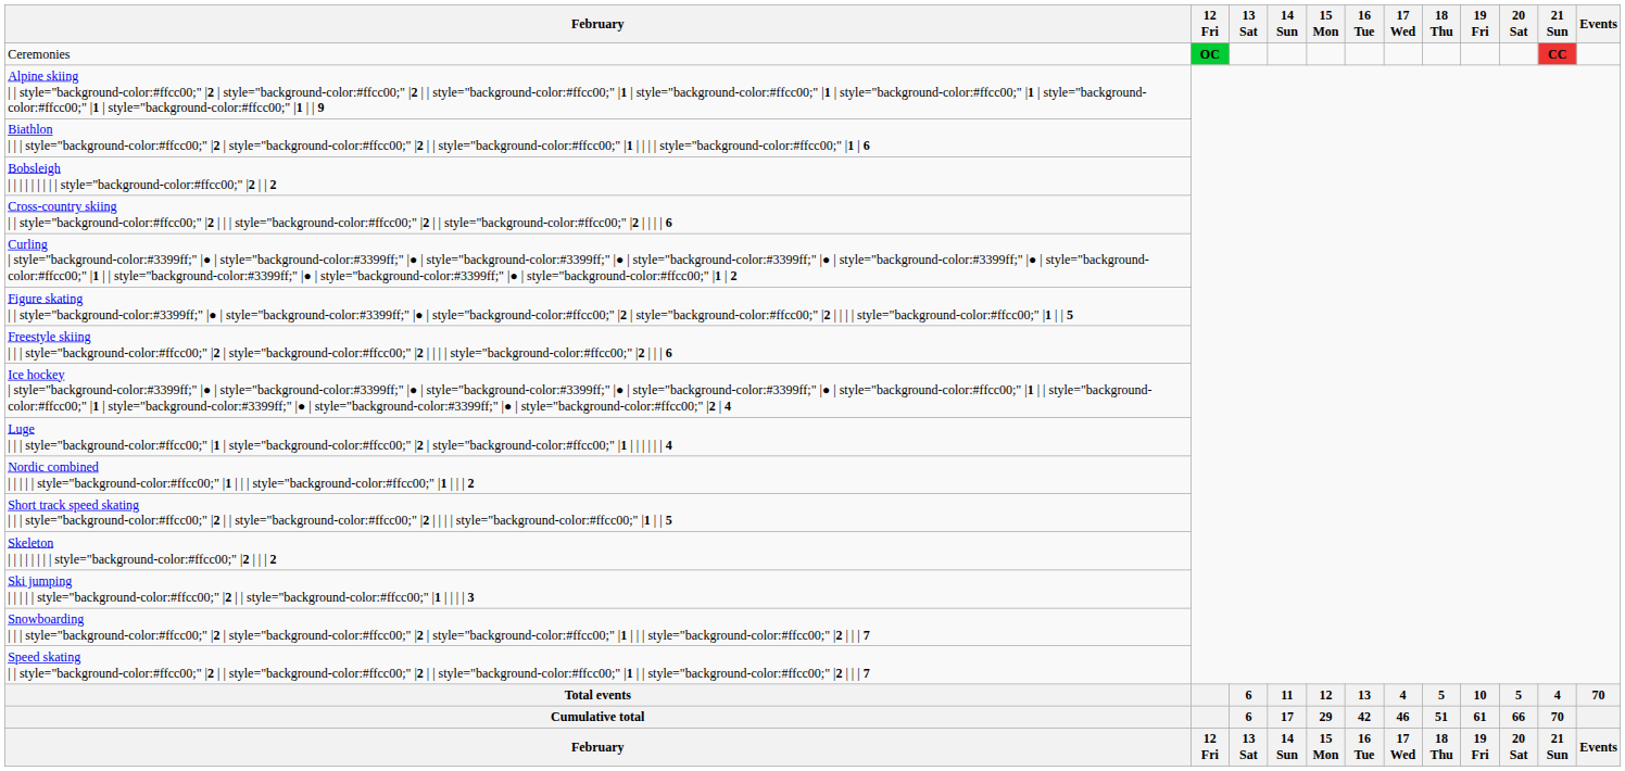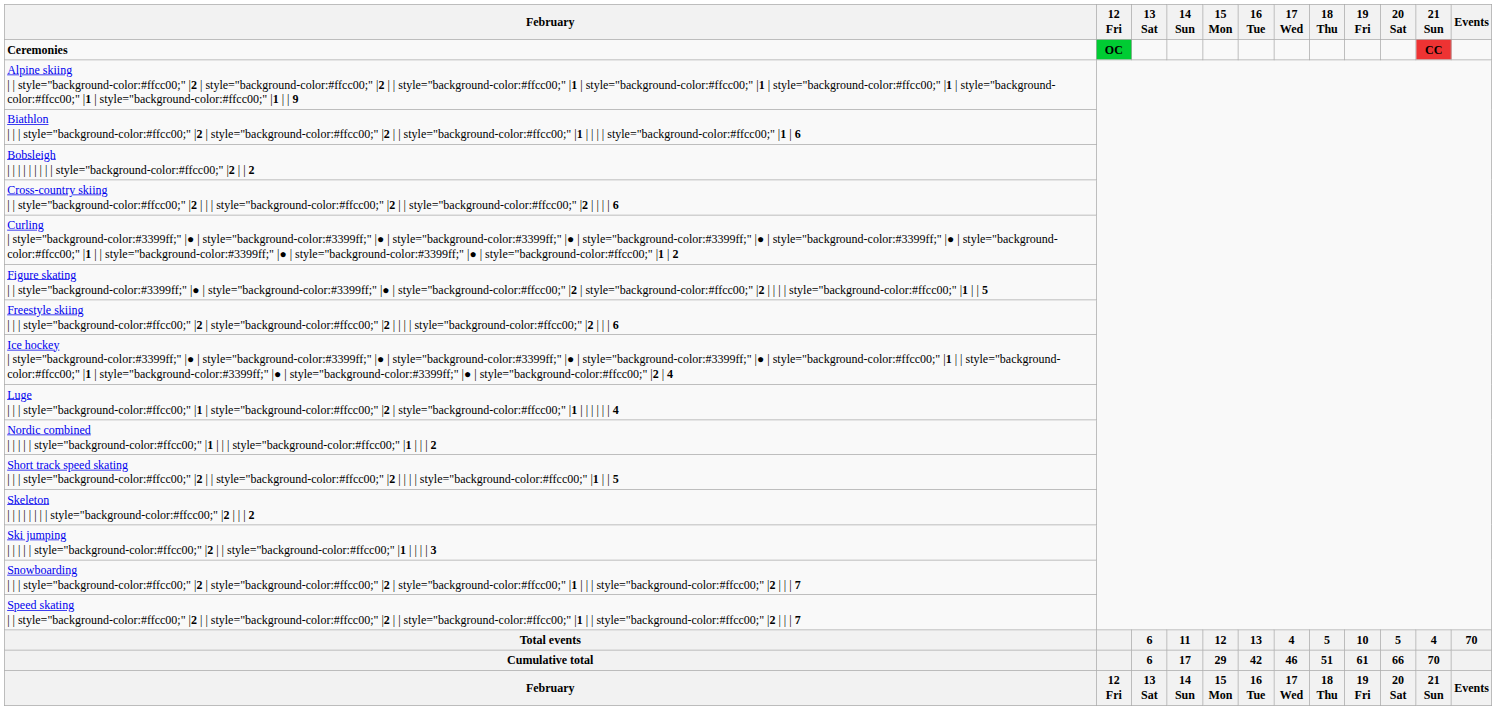 <table class="wikitable" style="margin:0.5em auto; line-height:1.23em;">
 <tr>
 <th>February</th>
 <th style="width:2.5em">12<br>Fri</th>
 <th style="width:2.5em">13<br>Sat</th>
 <th style="width:2.5em">14<br>Sun</th>
 <th style="width:2.5em">15<br>Mon</th>
 <th style="width:2.5em">16<br>Tue</th>
 <th style="width:2.5em">17<br>Wed</th>
 <th style="width:2.5em">18<br>Thu</th>
 <th style="width:2.5em">19<br>Fri</th>
 <th style="width:2.5em">20<br>Sat</th>
 <th style="width:2.5em">21<br>Sun</th>
 <th>Events</th>
 </tr>
 <tr>
-<td> Ceremonies</td>
+<td><strong> Ceremonies</strong></td>
 <td style="background:#0c3; text-align:center;"><strong>OC</strong></td>
 <td></td>
 <td></td>
 <td></td>
 <td></td>
 <td></td>
 <td></td>
 <td></td>
 <td></td>
 <td style="background:#e33; text-align:center;"><strong>CC</strong></td>
 <td></td>
 </tr>
 <tr style="text-align:center;">
 <td style="text-align:left;"> <a href='#'>Alpine skiing</a><br>|  | style="background-color:#ffcc00;" |<strong>2</strong> | style="background-color:#ffcc00;" |<strong>2</strong> |  | style="background-color:#ffcc00;" |<strong>1</strong> | style="background-color:#ffcc00;" |<strong>1</strong> | style="background-color:#ffcc00;" |<strong>1</strong> | style="background-color:#ffcc00;" |<strong>1</strong> | style="background-color:#ffcc00;" |<strong>1</strong> |  | <strong>9</strong></td>
 </tr>
 <tr style="text-align:center;">
 <td style="text-align:left;"> <a href='#'>Biathlon</a><br>|  |  | style="background-color:#ffcc00;" |<strong>2</strong> | style="background-color:#ffcc00;" |<strong>2</strong> |  | style="background-color:#ffcc00;" |<strong>1</strong> |  |  |  | style="background-color:#ffcc00;" |<strong>1</strong> | <strong>6</strong></td>
 </tr>
 <tr style="text-align:center;">
 <td style="text-align:left;"> <a href='#'>Bobsleigh</a><br>|  |  |  |  |  |  |  |  | style="background-color:#ffcc00;" |<strong>2</strong> |  | <strong>2</strong></td>
 </tr>
 <tr style="text-align:center;">
 <td style="text-align:left;"> <a href='#'>Cross-country skiing</a><br>|  | style="background-color:#ffcc00;" |<strong>2</strong> |  |  | style="background-color:#ffcc00;" |<strong>2</strong> |  | style="background-color:#ffcc00;" |<strong>2</strong> |  |  |  | <strong>6</strong></td>
 </tr>
 <tr style="text-align:center;">
 <td style="text-align:left;"> <a href='#'>Curling</a><br>| style="background-color:#3399ff;" |● | style="background-color:#3399ff;" |● | style="background-color:#3399ff;" |● | style="background-color:#3399ff;" |● | style="background-color:#3399ff;" |● | style="background-color:#ffcc00;" |<strong>1</strong> |  | style="background-color:#3399ff;" |● | style="background-color:#3399ff;" |● | style="background-color:#ffcc00;" |<strong>1</strong> | <strong>2</strong></td>
 </tr>
 <tr style="text-align:center;">
 <td style="text-align:left;"> <a href='#'>Figure skating</a><br>|  | style="background-color:#3399ff;" |● | style="background-color:#3399ff;" |● | style="background-color:#ffcc00;" |<strong>2</strong> | style="background-color:#ffcc00;" |<strong>2</strong> |  |  |  | style="background-color:#ffcc00;" |<strong>1</strong> |  | <strong>5</strong></td>
 </tr>
 <tr style="text-align:center;">
 <td style="text-align:left;"> <a href='#'>Freestyle skiing</a><br>|  |  | style="background-color:#ffcc00;" |<strong>2</strong> | style="background-color:#ffcc00;" |<strong>2</strong> |  |  |  | style="background-color:#ffcc00;" |<strong>2</strong> | |  | <strong>6</strong></td>
 </tr>
 <tr style="text-align:center;">
 <td style="text-align:left;"> <a href='#'>Ice hockey</a><br>| style="background-color:#3399ff;" |● | style="background-color:#3399ff;" |● | style="background-color:#3399ff;" |● | style="background-color:#3399ff;" |● | style="background-color:#ffcc00;" |<strong>1</strong> |  | style="background-color:#ffcc00;" |<strong>1</strong> | style="background-color:#3399ff;" |● | style="background-color:#3399ff;" |● | style="background-color:#ffcc00;" |<strong>2</strong> | <strong>4</strong></td>
 </tr>
 <tr style="text-align:center;">
 <td style="text-align:left;"> <a href='#'>Luge</a><br>|  |  | style="background-color:#ffcc00;" |<strong>1</strong> | style="background-color:#ffcc00;" |<strong>2</strong> | style="background-color:#ffcc00;" |<strong>1</strong> |  |  |  |  |  | <strong>4</strong></td>
 </tr>
 <tr style="text-align:center;">
 <td style="text-align:left;"> <a href='#'>Nordic combined</a><br>|  |  |  |  | style="background-color:#ffcc00;" |<strong>1</strong> |  |  | style="background-color:#ffcc00;" |<strong>1</strong> |  |  | <strong>2</strong></td>
 </tr>
 <tr style="text-align:center;">
 <td style="text-align:left;"> <a href='#'>Short track speed skating</a><br>|  |  | style="background-color:#ffcc00;" |<strong>2</strong> |  | style="background-color:#ffcc00;" |<strong>2</strong> |  |  |  | style="background-color:#ffcc00;" |<strong>1</strong> |  | <strong>5</strong></td>
 </tr>
 <tr style="text-align:center;">
 <td style="text-align:left;"> <a href='#'>Skeleton</a><br>|  |  |  |  |  |  |  | style="background-color:#ffcc00;" |<strong>2</strong> |  |  | <strong>2</strong></td>
 </tr>
 <tr style="text-align:center;">
 <td style="text-align:left;"> <a href='#'>Ski jumping</a><br>|  |  |  |  | style="background-color:#ffcc00;" |<strong>2</strong> |  | style="background-color:#ffcc00;" |<strong>1</strong> |  |  |  | <strong>3</strong></td>
 </tr>
 <tr style="text-align:center;">
 <td style="text-align:left;"> <a href='#'>Snowboarding</a><br>|  |  | style="background-color:#ffcc00;" |<strong>2</strong> | style="background-color:#ffcc00;" |<strong>2</strong> | style="background-color:#ffcc00;" |<strong>1</strong> |  |  | style="background-color:#ffcc00;" |<strong>2</strong> |  |  | <strong>7</strong></td>
 </tr>
 <tr style="text-align:center;">
 <td style="text-align:left;"> <a href='#'>Speed skating</a><br>|  | style="background-color:#ffcc00;" |<strong>2</strong> |  | style="background-color:#ffcc00;" |<strong>2</strong> |  | style="background-color:#ffcc00;" |<strong>1</strong> |  | style="background-color:#ffcc00;" |<strong>2</strong> |  |  | <strong>7</strong></td>
 </tr>
 <tr>
 <th>Total events</th>
 <th></th>
 <th>6</th>
 <th>11</th>
 <th>12</th>
 <th>13</th>
 <th>4</th>
 <th>5</th>
 <th>10</th>
 <th>5</th>
 <th>4</th>
 <th>70</th>
 </tr>
 <tr>
 <th>Cumulative total</th>
 <th></th>
 <th>6</th>
 <th>17</th>
 <th>29</th>
 <th>42</th>
 <th>46</th>
 <th>51</th>
 <th>61</th>
 <th>66</th>
 <th>70</th>
 <th></th>
 </tr>
 <tr>
 <th>February</th>
 <th>12<br>Fri</th>
 <th>13<br>Sat</th>
 <th>14<br>Sun</th>
 <th>15<br>Mon</th>
 <th>16<br>Tue</th>
 <th>17<br>Wed</th>
 <th>18<br>Thu</th>
 <th>19<br>Fri</th>
 <th>20<br>Sat</th>
 <th>21<br>Sun</th>
 <th>Events</th>
 </tr>
 </table>
